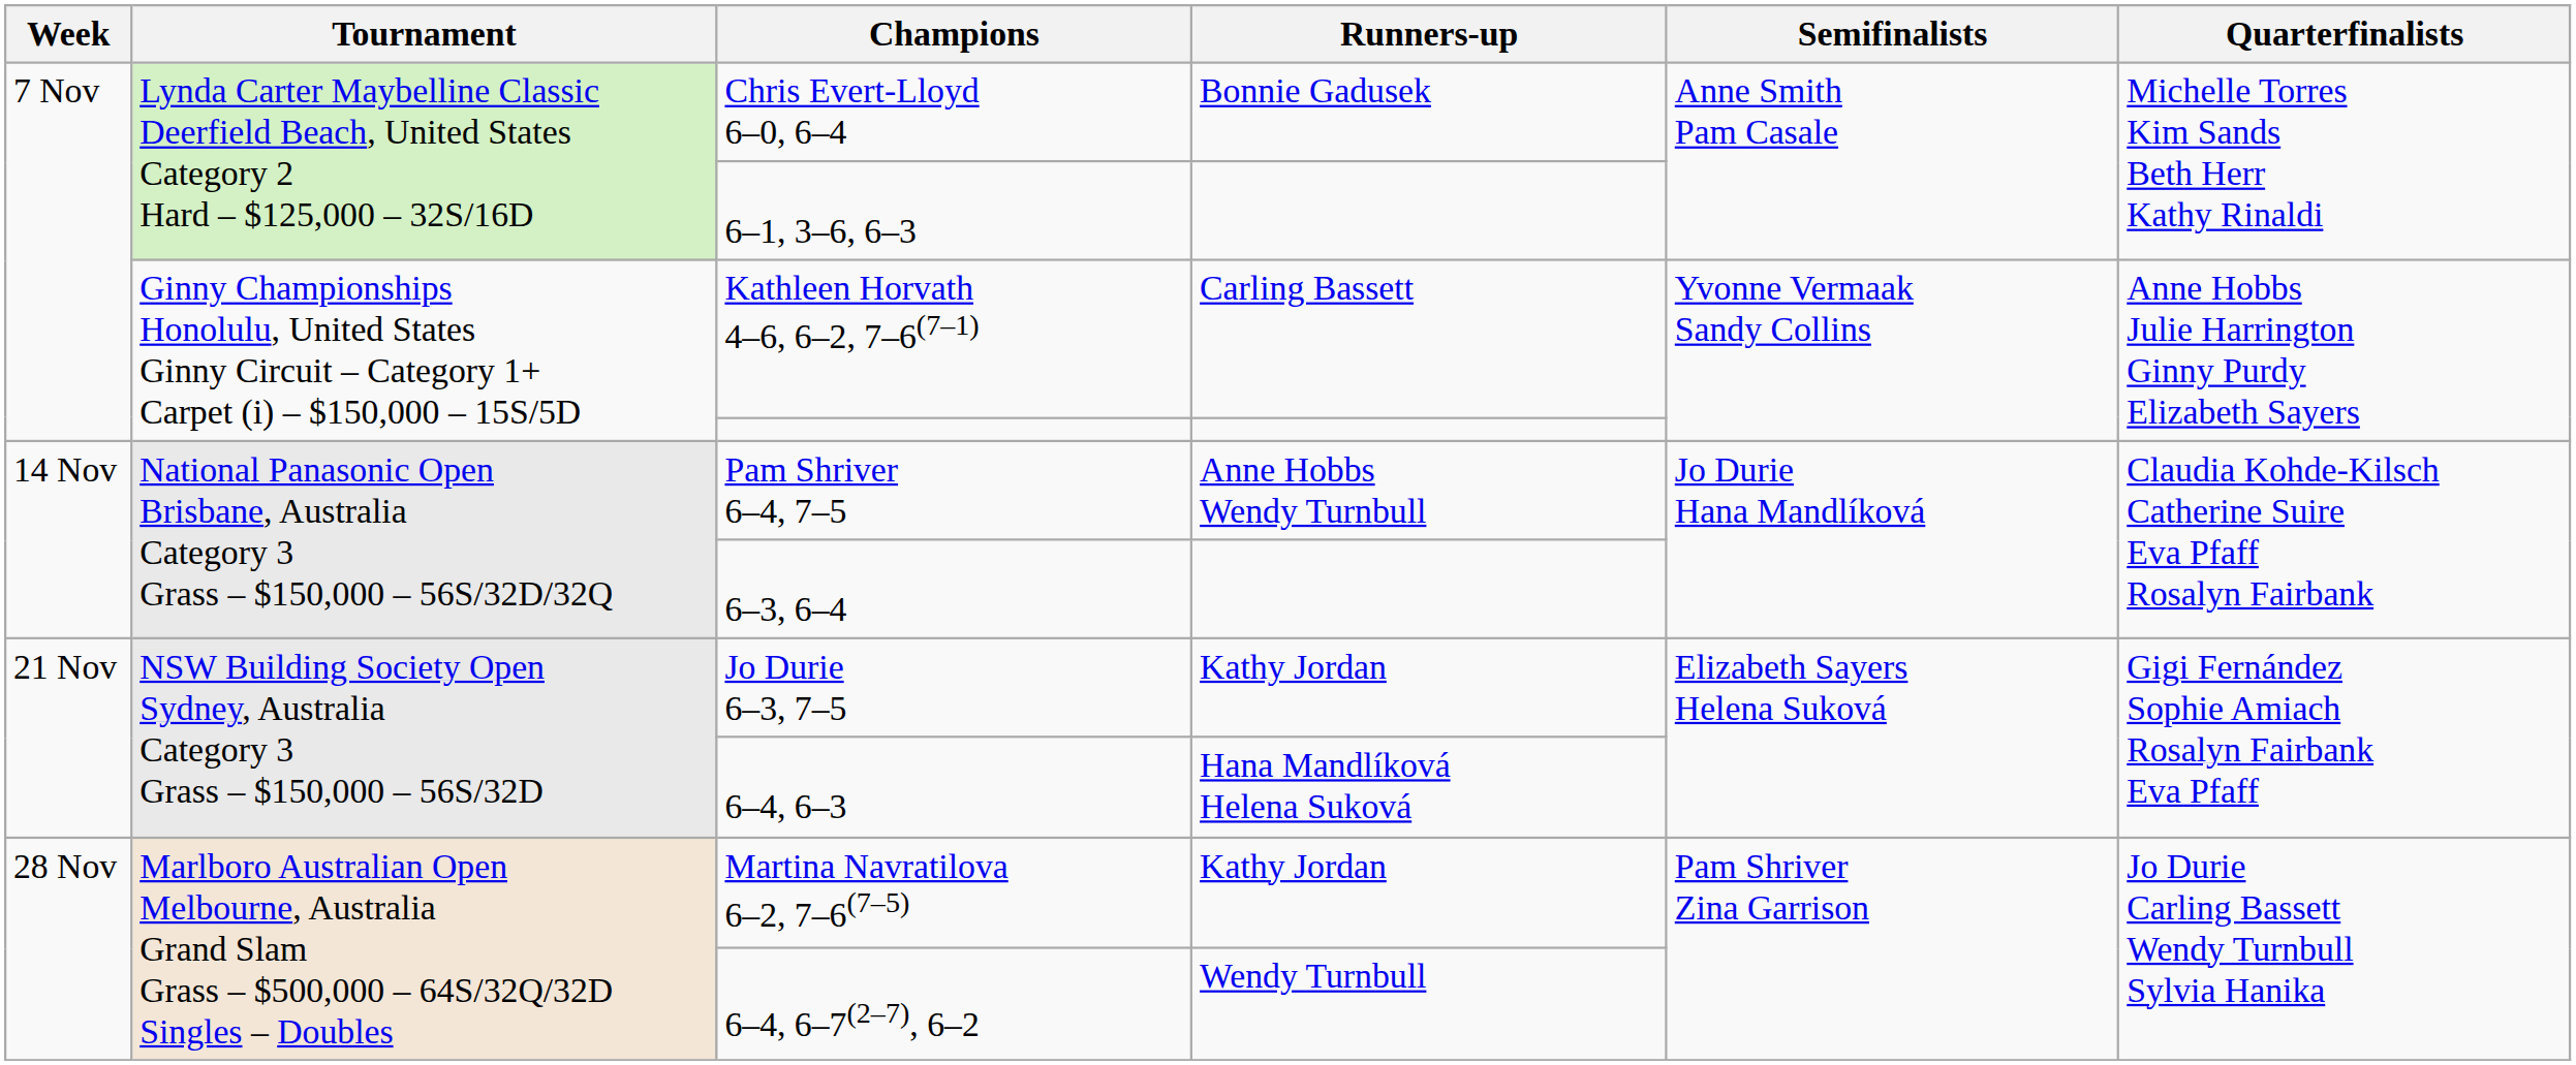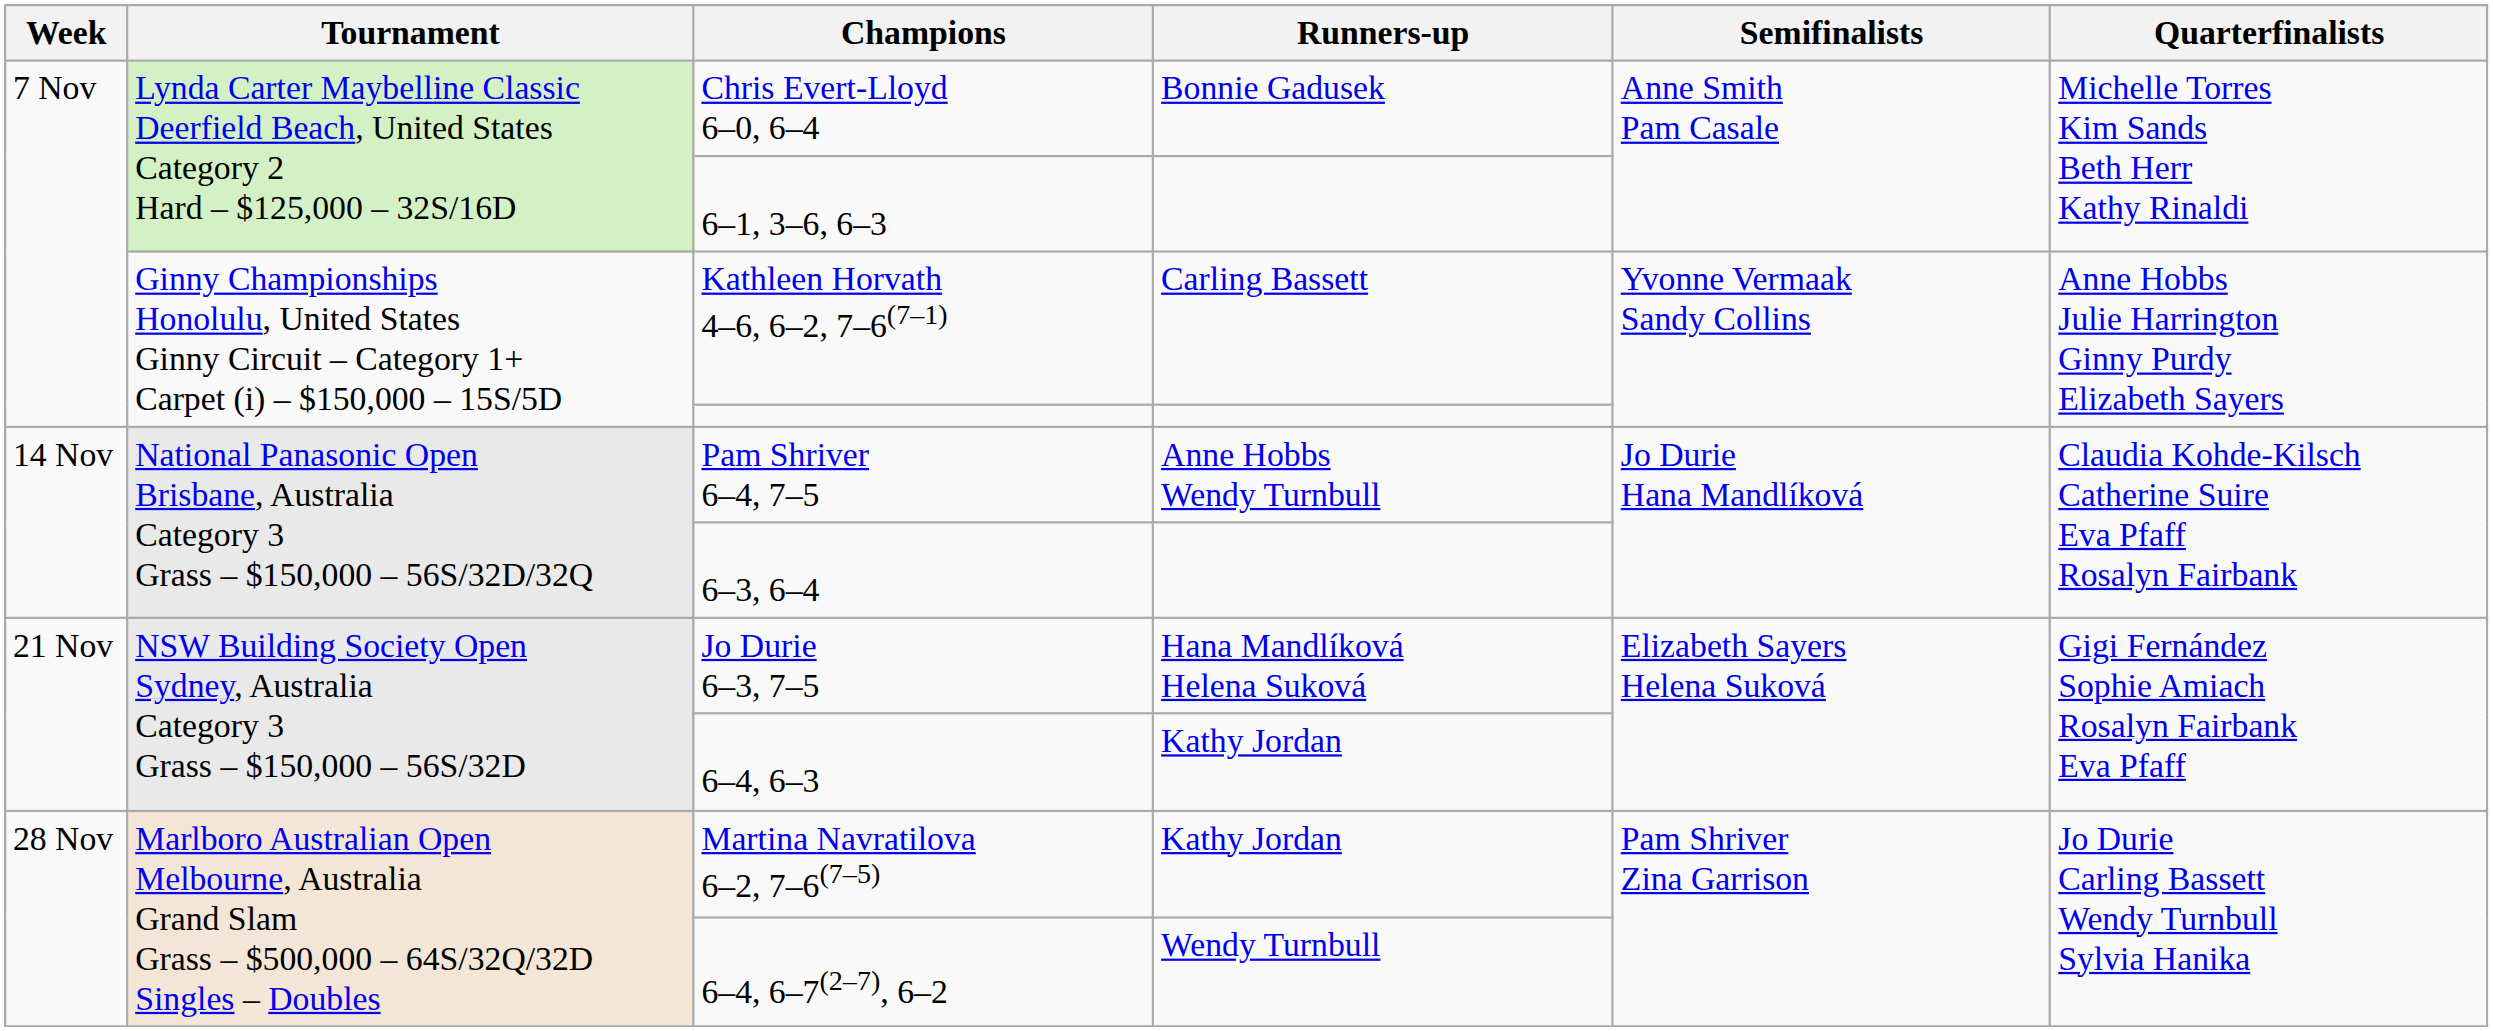 <table class=wikitable style=font-size:95%>
 <tr>
 <th style="width:48px;">Week</th>
 <th style="width:248px;">Tournament</th>
 <th style="width:200px;">Champions</th>
 <th style="width:200px;">Runners-up</th>
 <th style="width:190px;">Semifinalists</th>
 <th style="width:190px;">Quarterfinalists</th>
 </tr>
 <tr valign=top>
 <td rowspan=4>7 Nov</td>
 <td rowspan=2 style="background:#d4f1c5;"><a href='#'>Lynda Carter Maybelline Classic</a><br> <a href='#'>Deerfield Beach</a>, United States <br> Category 2 <br>Hard  – $125,000 – 32S/16D</td>
 <td> <a href='#'>Chris Evert-Lloyd</a> <br>6–0, 6–4</td>
 <td> <a href='#'>Bonnie Gadusek</a></td>
 <td rowspan=2> <a href='#'>Anne Smith</a> <br> <a href='#'>Pam Casale</a> <br></td>
 <td rowspan=2> <a href='#'>Michelle Torres</a> <br> <a href='#'>Kim Sands</a> <br>  <a href='#'>Beth Herr</a> <br> <a href='#'>Kathy Rinaldi</a><br></td>
 </tr>
 <tr valign="top">
 <td> <br>6–1, 3–6, 6–3</td>
 <td></td>
 </tr>
 <tr valign=top>
 <td rowspan=2><a href='#'>Ginny Championships</a><br> <a href='#'>Honolulu</a>, United States <br> Ginny Circuit – Category 1+ <br> Carpet (i) – $150,000 – 15S/5D</td>
 <td> <a href='#'>Kathleen Horvath</a> <br>4–6, 6–2, 7–6<sup>(7–1)</sup></td>
 <td> <a href='#'>Carling Bassett</a></td>
 <td rowspan=2> <a href='#'>Yvonne Vermaak</a> <br> <a href='#'>Sandy Collins</a> <br></td>
 <td rowspan=2> <a href='#'>Anne Hobbs</a> <br> <a href='#'>Julie Harrington</a> <br>  <a href='#'>Ginny Purdy</a> <br> <a href='#'>Elizabeth Sayers</a><br></td>
 </tr>
 <tr valign="top">
 <td></td>
 </tr>
 <tr valign=top>
 <td rowspan=2>14 Nov</td>
 <td rowspan=2 style="background:#e9e9e9;"><a href='#'>National Panasonic Open</a><br> <a href='#'>Brisbane</a>, Australia <br> Category 3 <br>Grass – $150,000 – 56S/32D/32Q</td>
 <td> <a href='#'>Pam Shriver</a> <br>6–4, 7–5</td>
 <td> <a href='#'>Anne Hobbs</a><br>  <a href='#'>Wendy Turnbull</a></td>
 <td rowspan=2> <a href='#'>Jo Durie</a> <br> <a href='#'>Hana Mandlíková</a> <br></td>
 <td rowspan=2> <a href='#'>Claudia Kohde-Kilsch</a> <br> <a href='#'>Catherine Suire</a> <br>  <a href='#'>Eva Pfaff</a> <br> <a href='#'>Rosalyn Fairbank</a><br></td>
 </tr>
 <tr valign="top">
 <td> <br>6–3, 6–4</td>
 <td></td>
 </tr>
 <tr valign=top>
 <td rowspan=2>21 Nov</td>
 <td rowspan=2 style="background:#e9e9e9;"><a href='#'>NSW Building Society Open</a><br> <a href='#'>Sydney</a>, Australia <br> Category 3 <br>Grass – $150,000 – 56S/32D</td>
 <td> <a href='#'>Jo Durie</a> <br>6–3, 7–5</td>
-<td> <a href='#'>Kathy Jordan</a></td>
+<td> <a href='#'>Hana Mandlíková</a><br>  <a href='#'>Helena Suková</a></td>
 <td rowspan=2> <a href='#'>Elizabeth Sayers</a> <br> <a href='#'>Helena Suková</a> <br></td>
 <td rowspan=2> <a href='#'>Gigi Fernández</a> <br> <a href='#'>Sophie Amiach</a><br>  <a href='#'>Rosalyn Fairbank</a> <br> <a href='#'>Eva Pfaff</a><br></td>
 </tr>
 <tr valign="top">
 <td> <br>6–4, 6–3</td>
-<td> <a href='#'>Hana Mandlíková</a><br>  <a href='#'>Helena Suková</a></td>
+<td> <a href='#'>Kathy Jordan</a></td>
 </tr>
 <tr valign=top>
 <td rowspan=2>28 Nov</td>
 <td rowspan=2 style="background:#F3E6D7;"><a href='#'>Marlboro Australian Open</a><br> <a href='#'>Melbourne</a>, Australia <br>Grand Slam<br>Grass – $500,000 – 64S/32Q/32D <br><a href='#'>Singles</a> – <a href='#'>Doubles</a></td>
 <td> <a href='#'>Martina Navratilova</a> <br>6–2, 7–6<sup>(7–5)</sup></td>
 <td> <a href='#'>Kathy Jordan</a></td>
 <td rowspan=2> <a href='#'>Pam Shriver</a> <br> <a href='#'>Zina Garrison</a> <br></td>
 <td rowspan=2> <a href='#'>Jo Durie</a> <br> <a href='#'>Carling Bassett</a><br>  <a href='#'>Wendy Turnbull</a> <br> <a href='#'>Sylvia Hanika</a><br></td>
 </tr>
 <tr valign="top">
 <td> <br>6–4, 6–7<sup>(2–7)</sup>, 6–2</td>
 <td> <a href='#'>Wendy Turnbull</a></td>
 </tr>
 </table>
